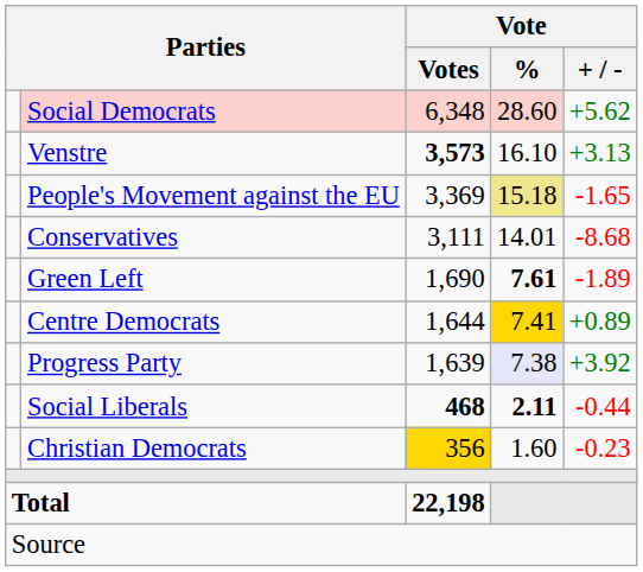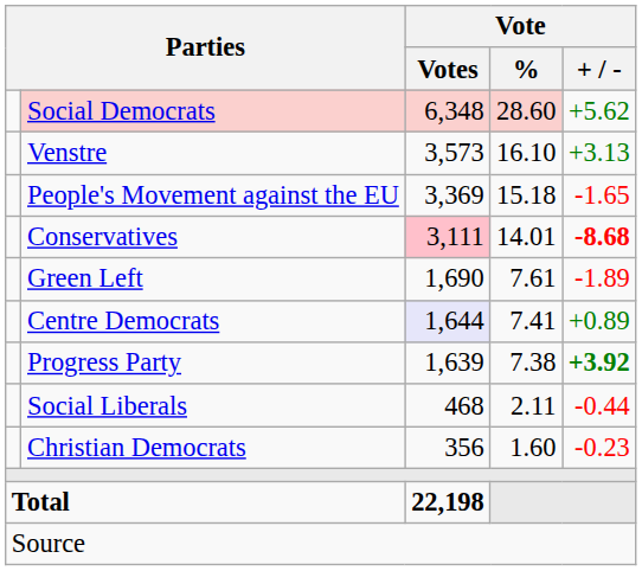 <table class="wikitable" style="text-align:right;">
 <tr>
 <th style="text-align:centre;" rowspan="2" colspan="2" width="225">Parties</th>
 <th colspan="3">Vote</th>
 </tr>
 <tr>
 <th width="15">Votes</th>
 <th width="15">%</th>
 <th width="15">+ / -</th>
 </tr>
 <tr>
 <td width="2" style="color:inherit;background:"></td>
 <td bgcolor=#fbd0ce   align="left"><a href='#'>Social Democrats</a></td>
 <td bgcolor=#fbd0ce>6,348</td>
 <td bgcolor=#fbd0ce>28.60</td>
 <td style=color:green;>+5.62</td>
 </tr>
 <tr>
 <td width="2" style="color:inherit;background:"></td>
 <td align="left"><a href='#'>Venstre</a></td>
-<td><strong>3,573</strong></td>
+<td>3,573</td>
 <td>16.10</td>
 <td style=color:green;>+3.13</td>
 </tr>
 <tr>
 <td width="2" style="color:inherit;background:"></td>
 <td align="left"><a href='#'>People's Movement against the EU</a></td>
 <td>3,369</td>
-<td style="background: khaki;">15.18</td>
+<td>15.18</td>
 <td style=color:red;>-1.65</td>
 </tr>
 <tr>
 <td width="2" style="color:inherit;background:"></td>
 <td align="left"><a href='#'>Conservatives</a></td>
-<td>3,111</td>
+<td style="background: pink;">3,111</td>
 <td>14.01</td>
-<td style=color:red;>-8.68</td>
+<td style=color:red;><strong>-8.68</strong></td>
 </tr>
 <tr>
 <td width="2" style="color:inherit;background:"></td>
 <td align="left"><a href='#'>Green Left</a></td>
 <td>1,690</td>
-<td><strong>7.61</strong></td>
+<td>7.61</td>
 <td style=color:red;>-1.89</td>
 </tr>
 <tr>
 <td width="2" style="color:inherit;background:"></td>
 <td align="left"><a href='#'>Centre Democrats</a></td>
-<td>1,644</td>
-<td style="background: gold;">7.41</td>
+<td style="background: lavender;">1,644</td>
+<td>7.41</td>
 <td style=color:green;>+0.89</td>
 </tr>
 <tr>
 <td width="2" style="color:inherit;background:"></td>
 <td align="left"><a href='#'>Progress Party</a></td>
 <td>1,639</td>
-<td style="background: lavender;">7.38</td>
-<td style=color:green;>+3.92</td>
+<td>7.38</td>
+<td style=color:green;><strong>+3.92</strong></td>
 </tr>
 <tr>
 <td width="2" style="color:inherit;background:"></td>
 <td align="left"><a href='#'>Social Liberals</a></td>
-<td><strong>468</strong></td>
-<td><strong>2.11</strong></td>
+<td>468</td>
+<td>2.11</td>
 <td style=color:red;>-0.44</td>
 </tr>
 <tr>
 <td width="2" style="color:inherit;background:"></td>
 <td align="left"><a href='#'>Christian Democrats</a></td>
-<td style="background: gold;">356</td>
+<td>356</td>
 <td>1.60</td>
 <td style=color:red;>-0.23</td>
 </tr>
 <tr>
 <td colspan="7" bgcolor="#E9E9E9"></td>
 </tr>
 <tr>
 <td align="left" colspan="2"><strong>Total</strong></td>
 <td><strong>22,198</strong></td>
 <td bgcolor="#E9E9E9" colspan="2"></td>
 </tr>
 <tr>
 <td align="left" colspan="6">Source</td>
 </tr>
 </table>
